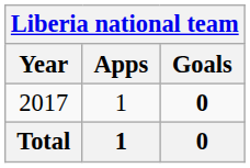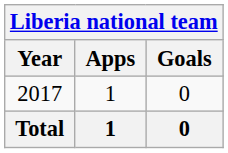 <table class="wikitable" style="text-align:center">
 <tr>
 <th colspan=3><a href='#'>Liberia national team</a></th>
 </tr>
 <tr>
 <th>Year</th>
 <th>Apps</th>
 <th>Goals</th>
 </tr>
 <tr>
 <td>2017</td>
 <td>1</td>
-<td><strong>0</strong></td>
+<td>0</td>
 </tr>
 <tr>
 <th>Total</th>
 <th>1</th>
 <th>0</th>
 </tr>
 </table>
